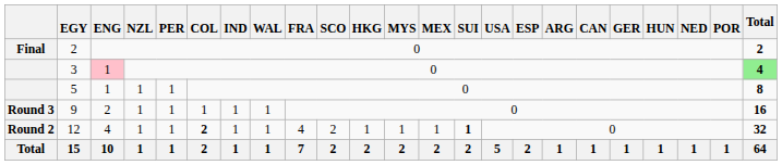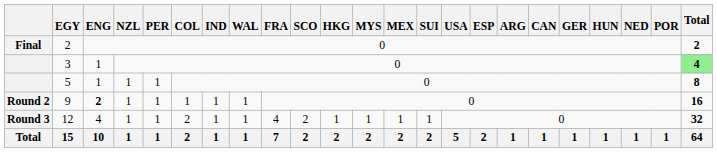 <table class="wikitable">
 <tr>
 <th></th>
 <th> <br>EGY</th>
 <th> <br>ENG</th>
 <th> <br>NZL</th>
 <th> <br>PER</th>
 <th> <br>COL</th>
 <th> <br>IND</th>
 <th> <br>WAL</th>
 <th> <br>FRA</th>
 <th> <br>SCO</th>
 <th> <br>HKG</th>
 <th> <br>MYS</th>
 <th> <br>MEX</th>
 <th> <br>SUI</th>
 <th> <br>USA</th>
 <th> <br>ESP</th>
 <th> <br>ARG</th>
 <th> <br>CAN</th>
 <th> <br>GER</th>
 <th> <br>HUN</th>
 <th> <br>NED</th>
 <th> <br>POR</th>
 <th>Total</th>
 </tr>
 <tr align="center">
 <th>Final</th>
 <td>2</td>
 <td colspan=20>0</td>
 <td><strong>2</strong></td>
 </tr>
 <tr align="center">
 <th></th>
 <td>3</td>
-<td style="background: pink;">1</td>
+<td>1</td>
 <td colspan=19>0</td>
 <td style="background: lightgreen;"><strong>4</strong></td>
 </tr>
 <tr align="center">
 <th></th>
 <td>5</td>
 <td>1</td>
 <td>1</td>
 <td>1</td>
 <td colspan=17>0</td>
 <td><strong>8</strong></td>
 </tr>
 <tr align="center">
-<th>Round 3</th>
+<th>Round 2</th>
 <td>9</td>
-<td>2</td>
+<td><strong>2</strong></td>
 <td>1</td>
 <td>1</td>
 <td>1</td>
 <td>1</td>
 <td>1</td>
 <td colspan=14>0</td>
 <td><strong>16</strong></td>
 </tr>
 <tr align="center">
-<th>Round 2</th>
+<th>Round 3</th>
 <td>12</td>
 <td>4</td>
 <td>1</td>
 <td>1</td>
-<td><strong>2</strong></td>
+<td>2</td>
 <td>1</td>
 <td>1</td>
 <td>4</td>
 <td>2</td>
 <td>1</td>
 <td>1</td>
 <td>1</td>
-<td><strong>1</strong></td>
+<td>1</td>
 <td colspan=8>0</td>
 <td><strong>32</strong></td>
 </tr>
 <tr align="center">
 <th>Total</th>
 <th>15</th>
 <th>10</th>
 <th>1</th>
 <th>1</th>
 <th>2</th>
 <th>1</th>
 <th>1</th>
 <th>7</th>
 <th>2</th>
 <th>2</th>
 <th>2</th>
 <th>2</th>
 <th>2</th>
 <th>5</th>
 <th>2</th>
 <th>1</th>
 <th>1</th>
 <th>1</th>
 <th>1</th>
 <th>1</th>
 <th>1</th>
 <th>64</th>
 </tr>
 </table>
